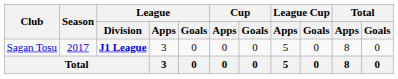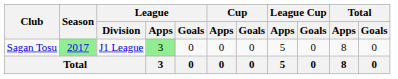 <table class="wikitable" style="text-align:center;">
 <tr>
 <th rowspan=2>Club</th>
 <th rowspan=2>Season</th>
 <th colspan=3>League</th>
 <th colspan=2>Cup</th>
 <th colspan=2>League Cup</th>
 <th colspan=2>Total</th>
 </tr>
 <tr>
 <th>Division</th>
 <th>Apps</th>
 <th>Goals</th>
 <th>Apps</th>
 <th>Goals</th>
 <th>Apps</th>
 <th>Goals</th>
 <th>Apps</th>
 <th>Goals</th>
 </tr>
 <tr>
 <td rowspan="1"><a href='#'>Sagan Tosu</a></td>
-<td><a href='#'>2017</a></td>
-<td rowspan="1"><strong><a href='#'>J1 League</a></strong></td>
-<td>3</td>
+<td style="background: lightgreen;"><a href='#'>2017</a></td>
+<td rowspan="1"><a href='#'>J1 League</a></td>
+<td style="background: lightgreen;">3</td>
 <td>0</td>
 <td>0</td>
 <td>0</td>
 <td>5</td>
 <td>0</td>
 <td>8</td>
 <td>0</td>
 </tr>
 <tr>
 <th colspan=3>Total</th>
 <th>3</th>
 <th>0</th>
 <th>0</th>
 <th>0</th>
 <th>5</th>
 <th>0</th>
 <th>8</th>
 <th>0</th>
 </tr>
 </table>
